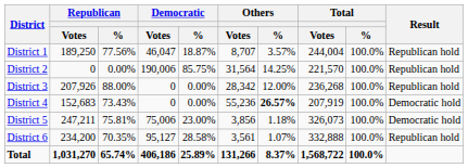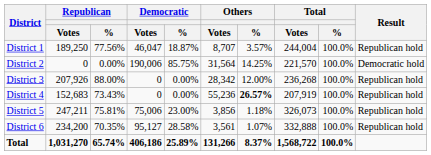 <table class="wikitable plainrowheaders sortable" style="font-size:100%; text-align:right;">
 <tr>
 <th scope=col rowspan=3><a href='#'>District</a></th>
 <th scope=col colspan=2><a href='#'>Republican</a></th>
 <th scope=col colspan=2><a href='#'>Democratic</a></th>
 <th scope=col colspan=2>Others</th>
 <th scope=col colspan=2>Total</th>
 <th scope=col rowspan=3>Result</th>
 </tr>
 <tr>
 <th scope=col colspan=2 style="background:"></th>
 <th scope=col colspan=2 style="background:"></th>
 <th scope=col colspan=2></th>
 <th scope=col colspan=2></th>
 </tr>
 <tr>
 <th scope=col data-sort-type="number">Votes</th>
 <th scope=col data-sort-type="number">%</th>
 <th scope=col data-sort-type="number">Votes</th>
 <th scope=col data-sort-type="number">%</th>
 <th scope=col data-sort-type="number">Votes</th>
 <th scope=col data-sort-type="number">%</th>
 <th scope=col data-sort-type="number">Votes</th>
 <th scope=col data-sort-type="number">%</th>
 </tr>
 <tr>
 <td align=left><a href='#'>District 1</a></td>
 <td>189,250</td>
 <td>77.56%</td>
 <td>46,047</td>
 <td>18.87%</td>
 <td>8,707</td>
 <td>3.57%</td>
 <td>244,004</td>
 <td>100.0%</td>
 <td align=left>Republican hold</td>
 </tr>
 <tr>
 <td align=left><a href='#'>District 2</a></td>
 <td>0</td>
 <td>0.00%</td>
 <td>190,006</td>
 <td>85.75%</td>
 <td>31,564</td>
 <td>14.25%</td>
 <td>221,570</td>
 <td>100.0%</td>
-<td align=left>Republican hold</td>
+<td align=left>Democratic hold</td>
 </tr>
 <tr>
 <td align=left><a href='#'>District 3</a></td>
 <td>207,926</td>
 <td>88.00%</td>
 <td>0</td>
 <td>0.00%</td>
 <td>28,342</td>
 <td>12.00%</td>
 <td>236,268</td>
 <td>100.0%</td>
 <td align=left>Republican hold</td>
 </tr>
 <tr>
 <td align=left><a href='#'>District 4</a></td>
 <td>152,683</td>
 <td>73.43%</td>
 <td>0</td>
 <td>0.00%</td>
 <td>55,236</td>
 <td><strong>26.57%</strong></td>
 <td>207,919</td>
 <td>100.0%</td>
-<td align=left>Democratic hold</td>
+<td align=left>Republican hold</td>
 </tr>
 <tr>
 <td align=left><a href='#'>District 5</a></td>
 <td>247,211</td>
 <td>75.81%</td>
 <td>75,006</td>
 <td>23.00%</td>
 <td>3,856</td>
 <td>1.18%</td>
 <td>326,073</td>
 <td>100.0%</td>
-<td align=left>Democratic hold</td>
+<td align=left>Republican hold</td>
 </tr>
 <tr>
 <td align=left><a href='#'>District 6</a></td>
 <td>234,200</td>
 <td>70.35%</td>
 <td>95,127</td>
 <td>28.58%</td>
 <td>3,561</td>
 <td>1.07%</td>
 <td>332,888</td>
 <td>100.0%</td>
 <td align=left>Republican hold</td>
 </tr>
 <tr class="sortbottom" style="font-weight:bold">
 <td align=left>Total</td>
 <td>1,031,270</td>
 <td>65.74%</td>
 <td>406,186</td>
 <td>25.89%</td>
 <td>131,266</td>
 <td>8.37%</td>
 <td>1,568,722</td>
 <td>100.0%</td>
 <td></td>
 </tr>
 </table>
